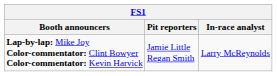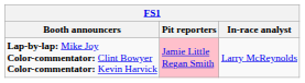 <table class="wikitable" style="font-size: 95%;">
 <tr>
 <th colspan="3"><a href='#'>FS1</a></th>
 </tr>
 <tr>
 <th>Booth announcers</th>
 <th>Pit reporters</th>
 <th>In-race analyst</th>
 </tr>
 <tr>
 <td><strong>Lap-by-lap:</strong> <a href='#'>Mike Joy</a><br><strong>Color-commentator:</strong> <a href='#'>Clint Bowyer</a><br><strong>Color-commentator:</strong> <a href='#'>Kevin Harvick</a></td>
-<td><a href='#'>Jamie Little</a><br><a href='#'>Regan Smith</a></td>
+<td style="background: pink;"><a href='#'>Jamie Little</a><br><a href='#'>Regan Smith</a></td>
 <td><a href='#'>Larry McReynolds</a></td>
 </tr>
 </table>
